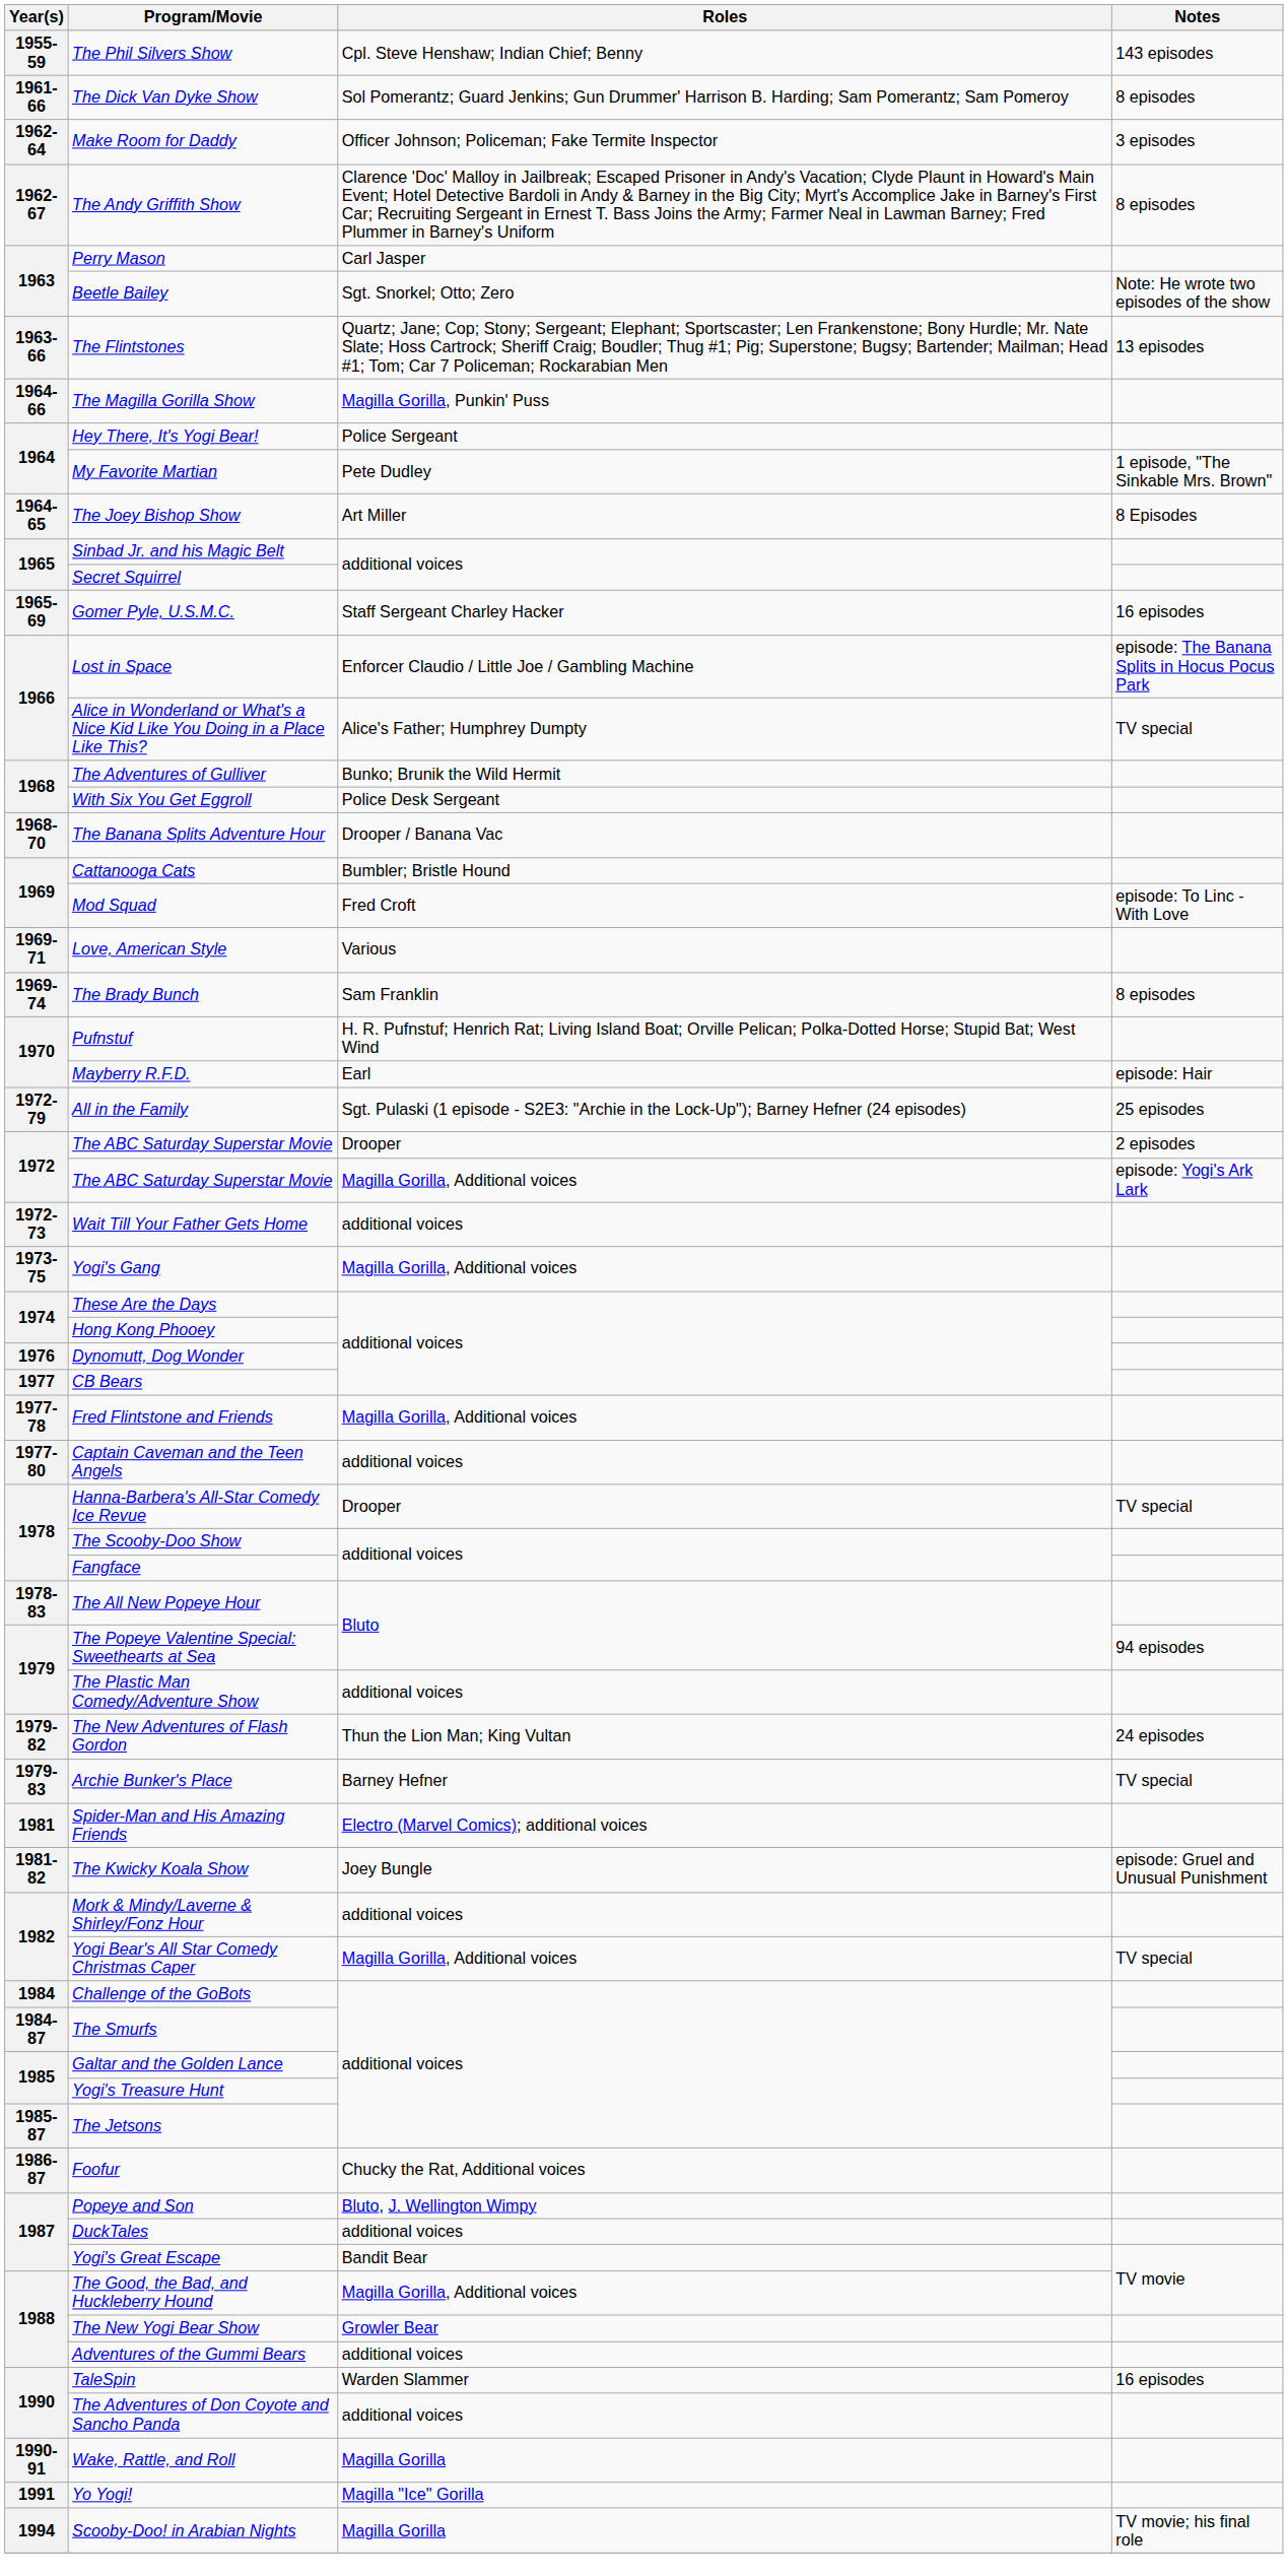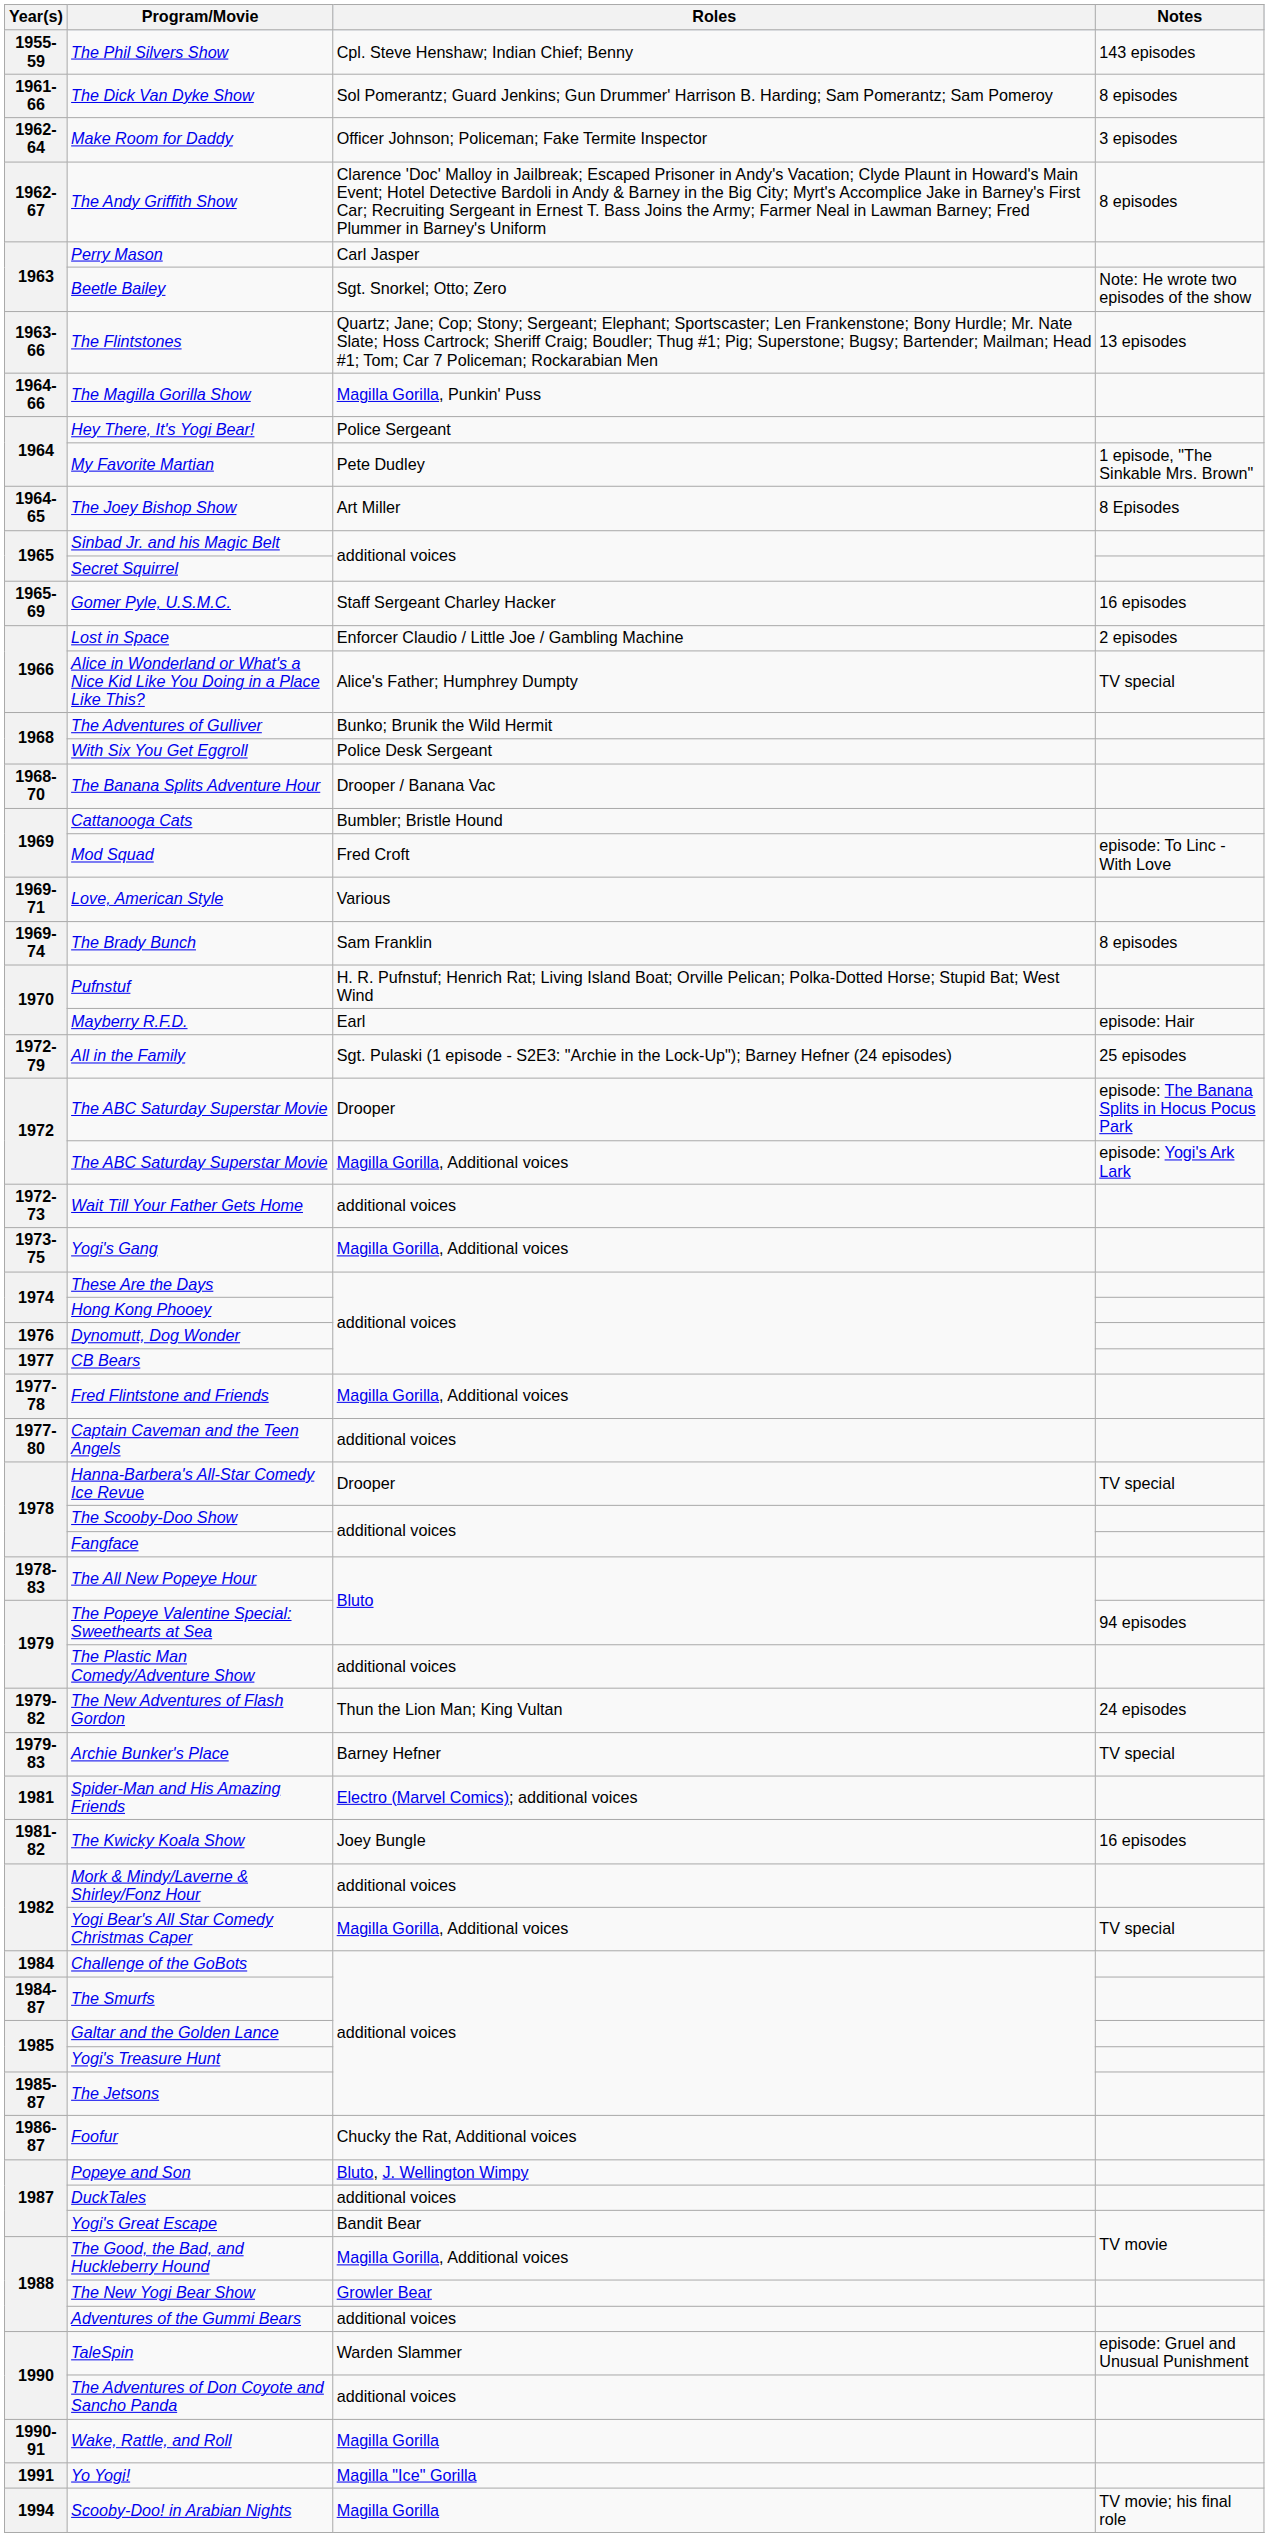 <table class="wikitable">
 <tr style="background:#b0c4de; text-aligb:center;">
 <th>Year(s)</th>
 <th>Program/Movie</th>
 <th>Roles</th>
 <th>Notes</th>
 </tr>
 <tr>
 <th scope=row>1955-59</th>
 <td><em><a href='#'>The Phil Silvers Show</a></em></td>
 <td>Cpl. Steve Henshaw; Indian Chief; Benny</td>
 <td>143 episodes</td>
 </tr>
 <tr>
 <th scope=row>1961-66</th>
 <td><em><a href='#'>The Dick Van Dyke Show</a></em></td>
 <td>Sol Pomerantz; Guard Jenkins; Gun Drummer' Harrison B. Harding; Sam Pomerantz; Sam Pomeroy</td>
 <td>8 episodes</td>
 </tr>
 <tr>
 <th scope=row>1962-64</th>
 <td><em><a href='#'>Make Room for Daddy</a></em></td>
 <td>Officer Johnson; Policeman; Fake Termite Inspector</td>
 <td>3 episodes</td>
 </tr>
 <tr>
 <th scope=row>1962-67</th>
 <td><em><a href='#'>The Andy Griffith Show</a></em></td>
 <td>Clarence 'Doc' Malloy in Jailbreak; Escaped Prisoner in Andy's Vacation; Clyde Plaunt in Howard's Main Event; Hotel Detective Bardoli in Andy & Barney in the Big City; Myrt's Accomplice Jake in Barney's First Car; Recruiting Sergeant in Ernest T. Bass Joins the Army; Farmer Neal in Lawman Barney; Fred Plummer in Barney's Uniform</td>
 <td>8 episodes</td>
 </tr>
 <tr>
 <th rowspan="2" scope="row">1963</th>
 <td><em><a href='#'>Perry Mason</a></em></td>
 <td>Carl Jasper</td>
 <td></td>
 </tr>
 <tr>
 <td><em><a href='#'>Beetle Bailey</a></em></td>
 <td>Sgt. Snorkel; Otto; Zero</td>
 <td>Note: He wrote two episodes of the show</td>
 </tr>
 <tr>
 <th scope=row>1963-66</th>
 <td><em><a href='#'>The Flintstones</a></em></td>
 <td>Quartz; Jane; Cop; Stony; Sergeant; Elephant; Sportscaster; Len Frankenstone; Bony Hurdle; Mr. Nate Slate; Hoss Cartrock; Sheriff Craig;  Boudler; Thug #1; Pig; Superstone; Bugsy; Bartender; Mailman; Head #1; Tom; Car 7 Policeman; Rockarabian Men</td>
 <td>13 episodes</td>
 </tr>
 <tr>
 <th scope=row>1964-66</th>
 <td><em><a href='#'>The Magilla Gorilla Show</a></em></td>
 <td><a href='#'>Magilla Gorilla</a>, Punkin' Puss</td>
 <td></td>
 </tr>
 <tr>
 <th rowspan="2" scope="row">1964</th>
 <td><em><a href='#'>Hey There, It's Yogi Bear!</a></em></td>
 <td>Police Sergeant</td>
 <td></td>
 </tr>
 <tr>
 <td><em><a href='#'>My Favorite Martian</a></em></td>
 <td>Pete Dudley</td>
 <td>1 episode, "The Sinkable Mrs. Brown"</td>
 </tr>
 <tr>
 <th scope=row>1964-65</th>
 <td><em><a href='#'>The Joey Bishop Show</a></em></td>
 <td>Art Miller</td>
 <td>8 Episodes</td>
 </tr>
 <tr>
 <th rowspan="2" scope="row">1965</th>
 <td><em><a href='#'>Sinbad Jr. and his Magic Belt</a></em></td>
 <td rowspan="2">additional voices</td>
 <td></td>
 </tr>
 <tr>
 <td><em><a href='#'>Secret Squirrel</a></em></td>
 <td></td>
 </tr>
 <tr>
 <th scope=row>1965-69</th>
 <td><em><a href='#'>Gomer Pyle, U.S.M.C.</a></em></td>
 <td>Staff Sergeant Charley Hacker</td>
 <td>16 episodes</td>
 </tr>
 <tr>
 <th rowspan="2" scope="row">1966</th>
 <td><em><a href='#'>Lost in Space</a></em></td>
 <td>Enforcer Claudio / Little Joe / Gambling Machine</td>
-<td>episode: <a href='#'>The Banana Splits in Hocus Pocus Park</a></td>
+<td>2 episodes</td>
 </tr>
 <tr>
 <td><em><a href='#'>Alice in Wonderland or What's a Nice Kid Like You Doing in a Place Like This?</a></em></td>
 <td>Alice's Father; Humphrey Dumpty</td>
 <td>TV special</td>
 </tr>
 <tr>
 <th rowspan="2" scope="row">1968</th>
 <td><em><a href='#'>The Adventures of Gulliver</a></em></td>
 <td>Bunko; Brunik the Wild Hermit</td>
 <td></td>
 </tr>
 <tr>
 <td><em><a href='#'>With Six You Get Eggroll</a></em></td>
 <td>Police Desk Sergeant</td>
 <td></td>
 </tr>
 <tr>
 <th scope=row>1968-70</th>
 <td><em><a href='#'>The Banana Splits Adventure Hour</a></em></td>
 <td>Drooper / Banana Vac</td>
 <td></td>
 </tr>
 <tr>
 <th rowspan="2" scope="row">1969</th>
 <td><em><a href='#'>Cattanooga Cats</a></em></td>
 <td>Bumbler; Bristle Hound</td>
 <td></td>
 </tr>
 <tr>
 <td><em><a href='#'>Mod Squad</a></em></td>
 <td>Fred Croft</td>
 <td>episode: To Linc - With Love</td>
 </tr>
 <tr>
 <th scope=row>1969-71</th>
 <td><em><a href='#'>Love, American Style</a></em></td>
 <td>Various</td>
 <td></td>
 </tr>
 <tr>
 <th scope=row>1969-74</th>
 <td><em><a href='#'>The Brady Bunch</a></em></td>
 <td>Sam Franklin</td>
 <td>8 episodes</td>
 </tr>
 <tr>
 <th rowspan="2" scope="row">1970</th>
 <td><em><a href='#'>Pufnstuf</a></em></td>
 <td>H. R. Pufnstuf; Henrich Rat; Living Island Boat; Orville Pelican; Polka-Dotted Horse; Stupid Bat; West Wind</td>
 <td></td>
 </tr>
 <tr>
 <td><em><a href='#'>Mayberry R.F.D.</a></em></td>
 <td>Earl</td>
 <td>episode: Hair</td>
 </tr>
 <tr>
 <th scope=row>1972-79</th>
 <td><em><a href='#'>All in the Family</a></em></td>
 <td>Sgt. Pulaski (1 episode - S2E3: "Archie in the Lock-Up"); Barney Hefner (24 episodes)</td>
 <td>25 episodes</td>
 </tr>
 <tr>
 <th rowspan="2" scope="row">1972</th>
 <td><em><a href='#'>The ABC Saturday Superstar Movie</a></em></td>
 <td>Drooper</td>
-<td>2 episodes</td>
+<td>episode: <a href='#'>The Banana Splits in Hocus Pocus Park</a></td>
 </tr>
 <tr>
 <td><em><a href='#'>The ABC Saturday Superstar Movie</a></em></td>
 <td><a href='#'>Magilla Gorilla</a>, Additional voices</td>
 <td>episode: <a href='#'>Yogi's Ark Lark</a></td>
 </tr>
 <tr>
 <th scope=row>1972-73</th>
 <td><em><a href='#'>Wait Till Your Father Gets Home</a></em></td>
 <td>additional voices</td>
 <td></td>
 </tr>
 <tr>
 <th scope=row>1973-75</th>
 <td><em><a href='#'>Yogi's Gang</a></em></td>
 <td><a href='#'>Magilla Gorilla</a>, Additional voices</td>
 <td></td>
 </tr>
 <tr>
 <th rowspan="2" scope="row">1974</th>
 <td><em><a href='#'>These Are the Days</a></em></td>
 <td rowspan="4">additional voices</td>
 <td></td>
 </tr>
 <tr>
 <td><em><a href='#'>Hong Kong Phooey</a></em></td>
 <td></td>
 </tr>
 <tr>
 <th scope=row>1976</th>
 <td><em><a href='#'>Dynomutt, Dog Wonder</a></em></td>
 <td></td>
 </tr>
 <tr>
 <th scope=row>1977</th>
 <td><em><a href='#'>CB Bears</a></em></td>
 <td></td>
 </tr>
 <tr>
 <th scope=row>1977-78</th>
 <td><em><a href='#'>Fred Flintstone and Friends</a></em></td>
 <td><a href='#'>Magilla Gorilla</a>, Additional voices</td>
 <td></td>
 </tr>
 <tr>
 <th scope=row>1977-80</th>
 <td><em><a href='#'>Captain Caveman and the Teen Angels</a></em></td>
 <td>additional voices</td>
 <td></td>
 </tr>
 <tr>
 <th rowspan="3" scope="row">1978</th>
 <td><em><a href='#'>Hanna-Barbera's All-Star Comedy Ice Revue</a></em></td>
 <td>Drooper</td>
 <td>TV special</td>
 </tr>
 <tr>
 <td><em><a href='#'>The Scooby-Doo Show</a></em></td>
 <td rowspan="2">additional voices</td>
 <td></td>
 </tr>
 <tr>
 <td><em><a href='#'>Fangface</a></em></td>
 <td></td>
 </tr>
 <tr>
 <th scope=row>1978-83</th>
 <td><em><a href='#'>The All New Popeye Hour</a></em></td>
 <td rowspan="2"><a href='#'>Bluto</a></td>
 <td></td>
 </tr>
 <tr>
 <th rowspan="2" scope="row">1979</th>
 <td><em><a href='#'>The Popeye Valentine Special: Sweethearts at Sea</a></em></td>
 <td>94 episodes</td>
 </tr>
 <tr>
 <td><em><a href='#'>The Plastic Man Comedy/Adventure Show</a></em></td>
 <td>additional voices</td>
 <td></td>
 </tr>
 <tr>
 <th scope=row>1979-82</th>
 <td><em><a href='#'>The New Adventures of Flash Gordon</a></em></td>
 <td>Thun the Lion Man; King Vultan</td>
 <td>24 episodes</td>
 </tr>
 <tr>
 <th scope=row>1979-83</th>
 <td><em><a href='#'>Archie Bunker's Place</a></em></td>
 <td>Barney Hefner</td>
 <td>TV special</td>
 </tr>
 <tr>
 <th scope=row>1981</th>
 <td><em><a href='#'>Spider-Man and His Amazing Friends</a></em></td>
 <td><a href='#'>Electro (Marvel Comics)</a>; additional voices</td>
 <td></td>
 </tr>
 <tr>
 <th scope=row>1981-82</th>
 <td><em><a href='#'>The Kwicky Koala Show</a></em></td>
 <td>Joey Bungle</td>
-<td>episode: Gruel and Unusual Punishment</td>
+<td>16 episodes</td>
 </tr>
 <tr>
 <th rowspan="2" scope="row">1982</th>
 <td><em><a href='#'>Mork & Mindy/Laverne & Shirley/Fonz Hour</a></em></td>
 <td>additional voices</td>
 <td></td>
 </tr>
 <tr>
 <td><em><a href='#'>Yogi Bear's All Star Comedy Christmas Caper</a></em></td>
 <td><a href='#'>Magilla Gorilla</a>, Additional voices</td>
 <td>TV special</td>
 </tr>
 <tr>
 <th scope=row>1984</th>
 <td><em><a href='#'>Challenge of the GoBots</a></em></td>
 <td rowspan="5">additional voices</td>
 <td></td>
 </tr>
 <tr>
 <th scope=row>1984-87</th>
 <td><em><a href='#'>The Smurfs</a></em></td>
 <td></td>
 </tr>
 <tr>
 <th rowspan="2" scope="row">1985</th>
 <td><em><a href='#'>Galtar and the Golden Lance</a></em></td>
 <td></td>
 </tr>
 <tr>
 <td><em><a href='#'>Yogi's Treasure Hunt</a></em></td>
 <td></td>
 </tr>
 <tr>
 <th scope=row>1985-87</th>
 <td><em><a href='#'>The Jetsons</a></em></td>
 <td></td>
 </tr>
 <tr>
 <th scope=row>1986-87</th>
 <td><em><a href='#'>Foofur</a></em></td>
 <td>Chucky the Rat, Additional voices</td>
 <td></td>
 </tr>
 <tr>
 <th rowspan="3" scope="row">1987</th>
 <td><em><a href='#'>Popeye and Son</a></em></td>
 <td><a href='#'>Bluto</a>, <a href='#'>J. Wellington Wimpy</a></td>
 <td></td>
 </tr>
 <tr>
 <td><em><a href='#'>DuckTales</a></em></td>
 <td>additional voices</td>
 <td></td>
 </tr>
 <tr>
 <td><em><a href='#'>Yogi's Great Escape</a></em></td>
 <td>Bandit Bear</td>
 <td rowspan="2">TV movie</td>
 </tr>
 <tr>
 <th rowspan="3" scope="row">1988</th>
 <td><em><a href='#'>The Good, the Bad, and Huckleberry Hound</a></em></td>
 <td><a href='#'>Magilla Gorilla</a>, Additional voices</td>
 </tr>
 <tr>
 <td><em><a href='#'>The New Yogi Bear Show</a></em></td>
 <td><a href='#'>Growler Bear</a></td>
 <td></td>
 </tr>
 <tr>
 <td><em><a href='#'>Adventures of the Gummi Bears</a></em></td>
 <td>additional voices</td>
 <td></td>
 </tr>
 <tr>
 <th rowspan="2" scope="row">1990</th>
 <td><em><a href='#'>TaleSpin</a></em></td>
 <td>Warden Slammer</td>
-<td>16 episodes</td>
+<td>episode: Gruel and Unusual Punishment</td>
 </tr>
 <tr>
 <td><em><a href='#'>The Adventures of Don Coyote and Sancho Panda</a></em></td>
 <td>additional voices</td>
 <td></td>
 </tr>
 <tr>
 <th scope=row>1990-91</th>
 <td><em><a href='#'>Wake, Rattle, and Roll</a></em></td>
 <td><a href='#'>Magilla Gorilla</a></td>
 <td></td>
 </tr>
 <tr>
 <th scope=row>1991</th>
 <td><em><a href='#'>Yo Yogi!</a></em></td>
 <td><a href='#'>Magilla "Ice" Gorilla</a></td>
 <td></td>
 </tr>
 <tr>
 <th scope=row>1994</th>
 <td><em><a href='#'>Scooby-Doo! in Arabian Nights</a></em></td>
 <td><a href='#'>Magilla Gorilla</a></td>
 <td>TV movie; his final role</td>
 </tr>
 <tr>
 </tr>
 </table>
